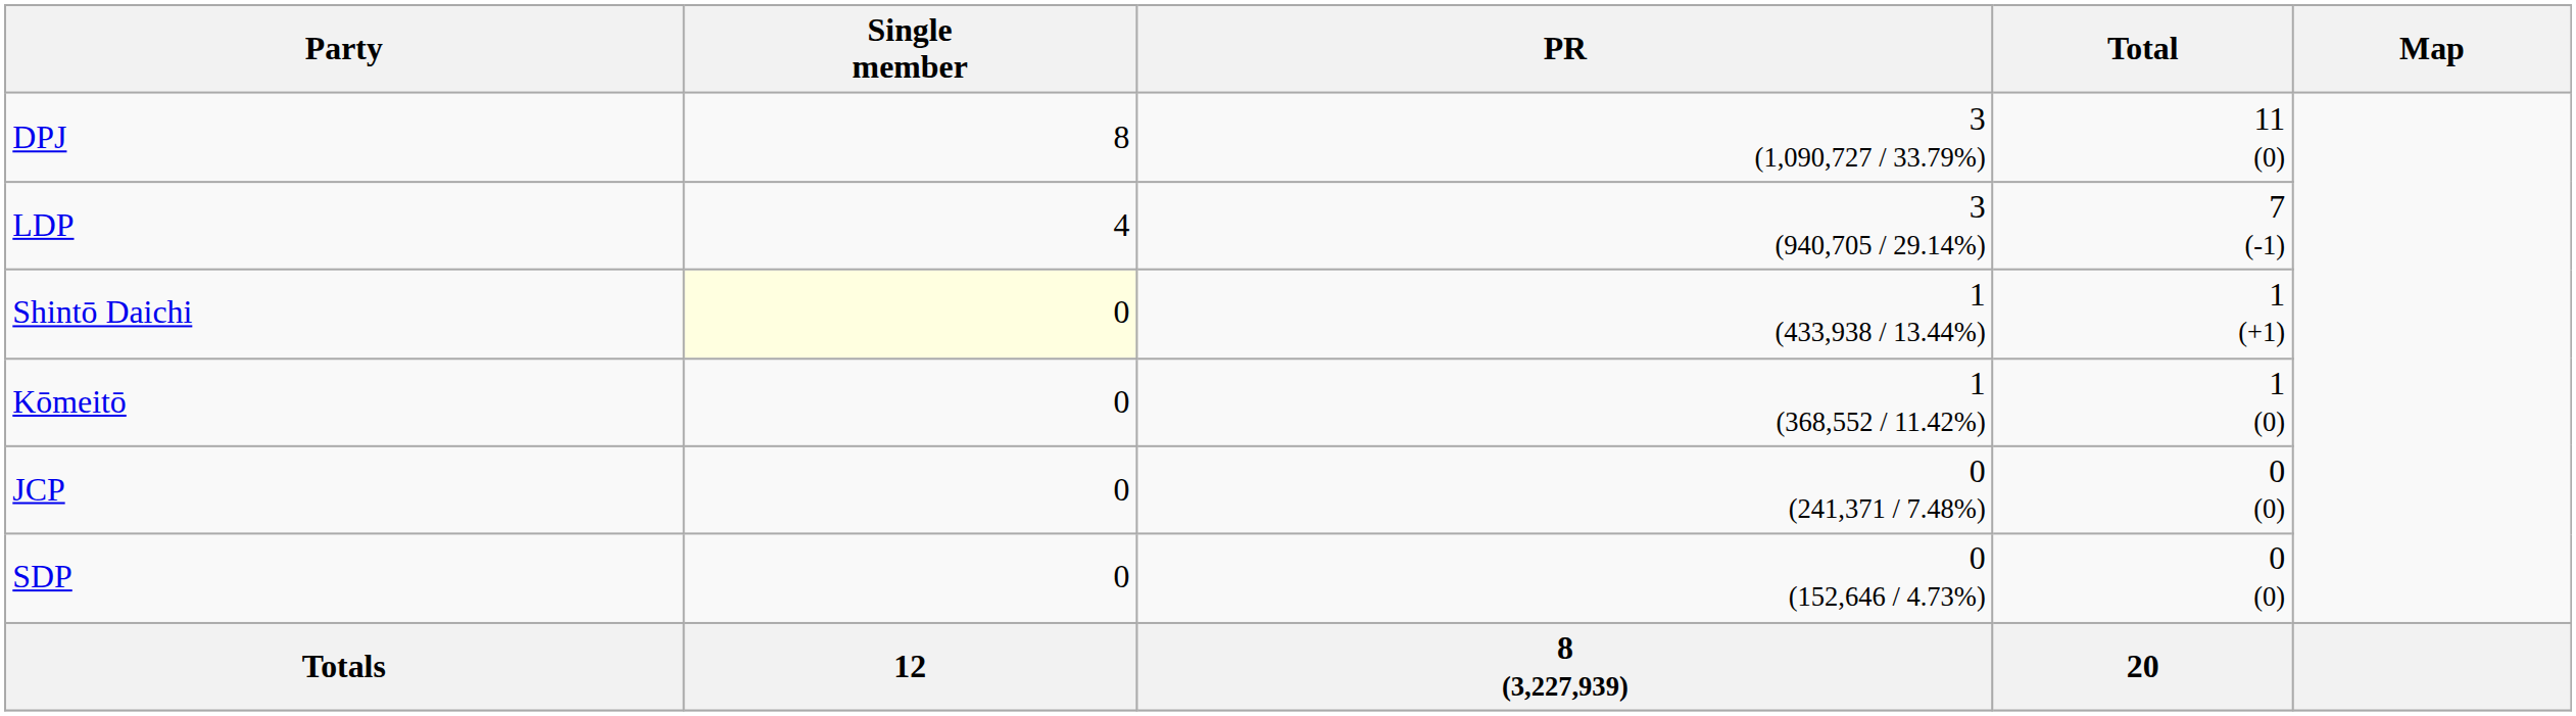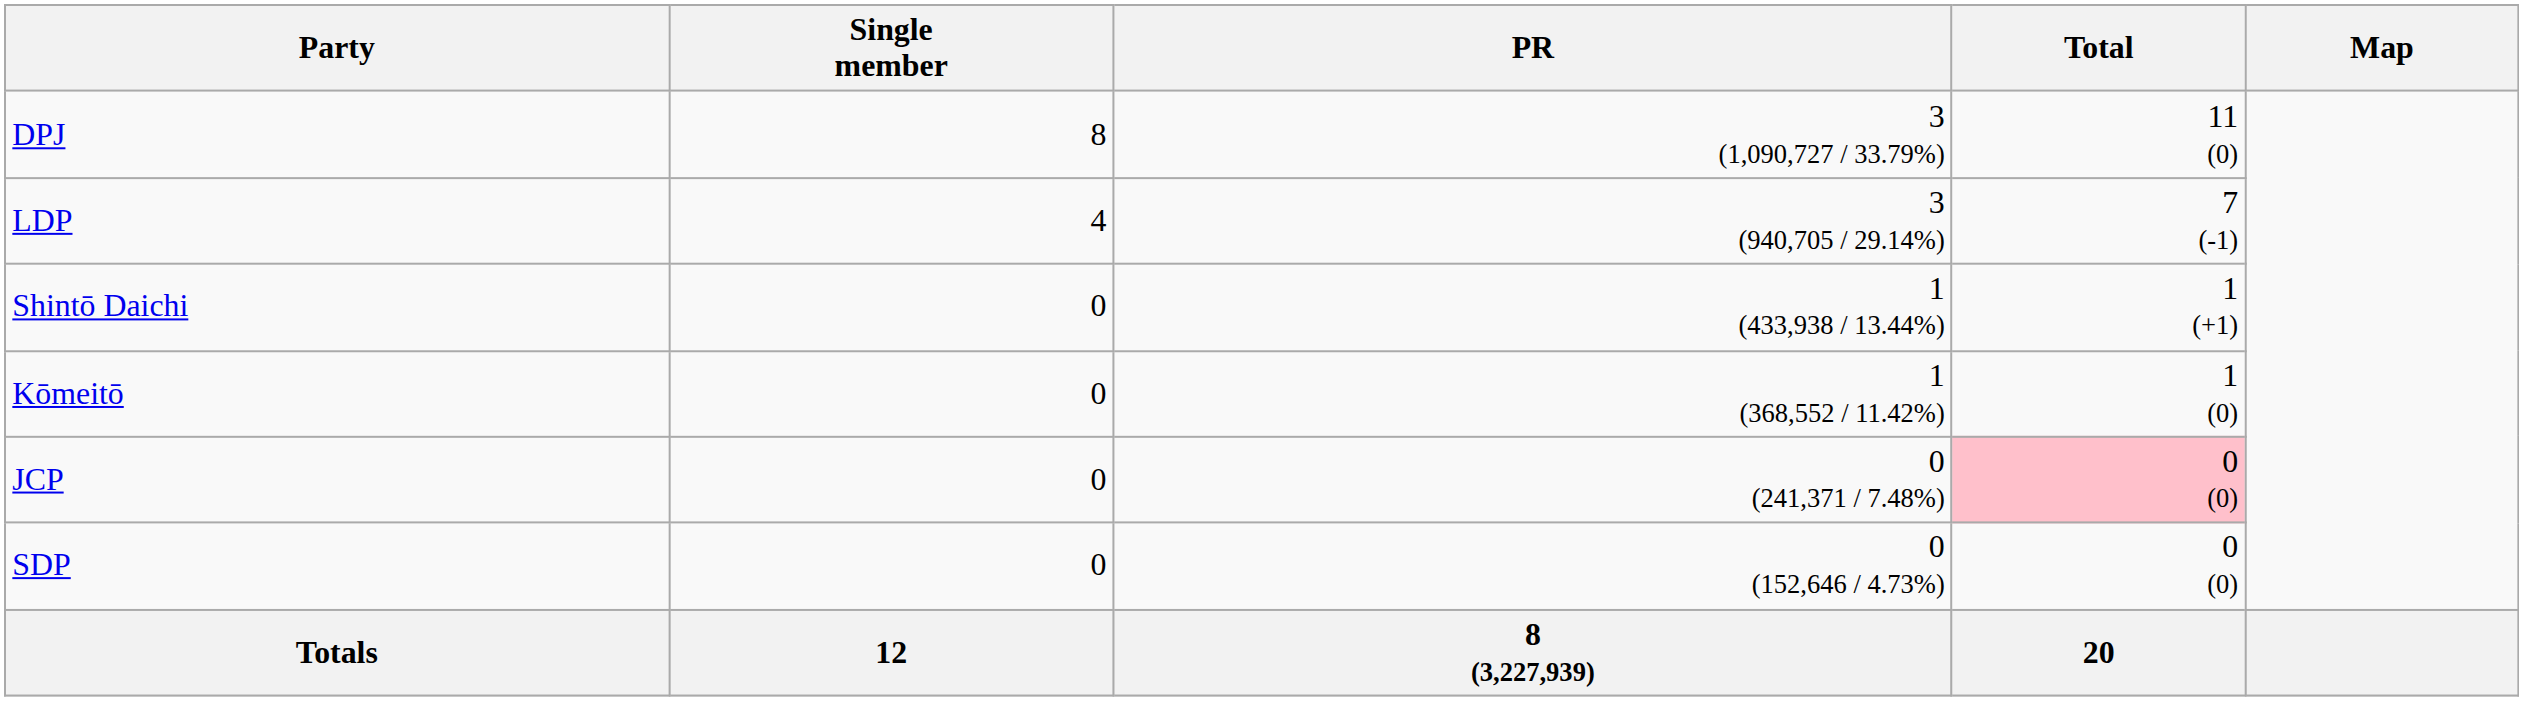 <table class="wikitable" width="100%">
 <tr>
 <th>Party</th>
 <th>Single<br>member</th>
 <th>PR</th>
 <th>Total</th>
 <th>Map</th>
 </tr>
 <tr>
 <td><a href='#'>DPJ</a></td>
 <td align="right">8</td>
 <td align="right">3<br><small>(1,090,727 / 33.79%)</small></td>
 <td align="right">11<br><small>(0)</small></td>
 <td rowspan=6 align="center"></td>
 </tr>
 <tr>
 <td><a href='#'>LDP</a></td>
 <td align="right">4</td>
 <td align="right">3<br><small>(940,705 / 29.14%)</small></td>
 <td align="right">7<br><small>(-1)</small></td>
 </tr>
 <tr>
 <td><a href='#'>Shintō Daichi</a></td>
-<td align="right" style="background: lightyellow;">0</td>
+<td align="right">0</td>
 <td align="right">1<br><small>(433,938 / 13.44%)</small></td>
 <td align="right">1<br><small>(+1)</small></td>
 </tr>
 <tr>
 <td><a href='#'>Kōmeitō</a></td>
 <td align="right">0</td>
 <td align="right">1<br><small>(368,552 / 11.42%)</small></td>
 <td align="right">1<br><small>(0)</small></td>
 </tr>
 <tr>
 <td><a href='#'>JCP</a></td>
 <td align="right">0</td>
 <td align="right">0<br><small>(241,371 / 7.48%)</small></td>
-<td align="right">0<br><small>(0)</small></td>
+<td align="right" style="background: pink;">0<br><small>(0)</small></td>
 </tr>
 <tr>
 <td><a href='#'>SDP</a></td>
 <td align="right">0</td>
 <td align="right">0<br><small>(152,646 / 4.73%)</small></td>
 <td align="right">0<br><small>(0)</small></td>
 </tr>
 <tr bgcolor=lightgrey>
 <th><strong>Totals</strong></th>
 <th align="right">12</th>
 <th align="right">8<br><small>(3,227,939)</small></th>
 <th align="right">20</th>
 <th></th>
 </tr>
 </table>
